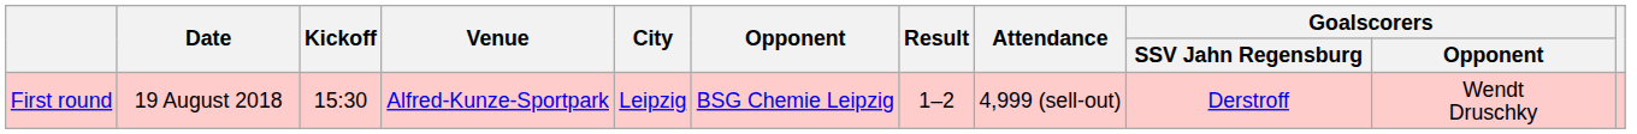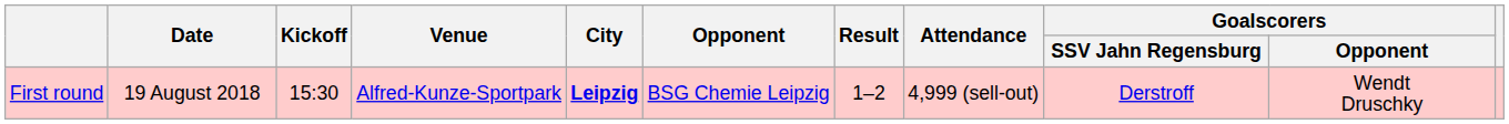 <table class="wikitable" Style="text-align: center;font-size:85%">
 <tr>
 <th rowspan="2"></th>
 <th rowspan="2" style="width:110px">Date</th>
 <th rowspan="2">Kickoff</th>
 <th rowspan="2">Venue</th>
 <th rowspan="2">City</th>
 <th rowspan="2">Opponent</th>
 <th rowspan="2">Result</th>
 <th rowspan="2">Attendance</th>
 <th colspan="2">Goalscorers</th>
 <th rowspan="2"></th>
 </tr>
 <tr>
 <th style="width:150px">SSV Jahn Regensburg</th>
 <th style="width:150px">Opponent</th>
 </tr>
 <tr style="background:#FFCCCC;">
 <td><a href='#'>First round</a></td>
 <td>19 August 2018</td>
 <td>15:30</td>
 <td><a href='#'>Alfred-Kunze-Sportpark</a></td>
-<td><a href='#'>Leipzig</a></td>
+<td><strong><a href='#'>Leipzig</a></strong></td>
 <td><a href='#'>BSG Chemie Leipzig</a></td>
 <td>1–2</td>
 <td>4,999 (sell-out)</td>
 <td><a href='#'>Derstroff</a> </td>
 <td>Wendt <br> Druschky </td>
 <td></td>
 </tr>
 </table>
